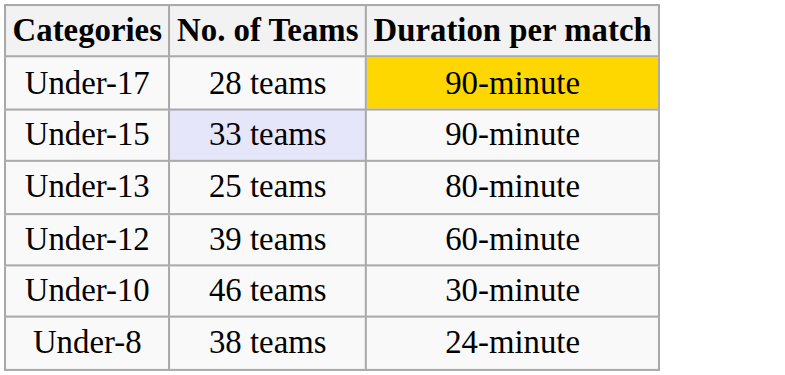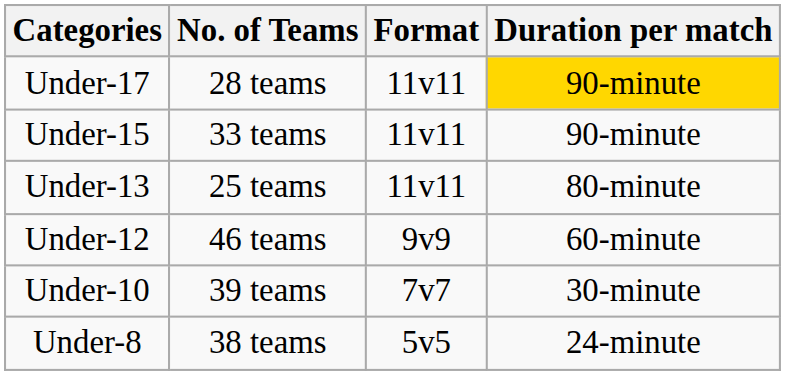 <table class="wikitable" style="text-align: center;">
 <tr>
 <th>Categories</th>
 <th>No. of Teams</th>
+<th>Format</th>
 <th>Duration per match</th>
 </tr>
 <tr>
 <td>Under-17</td>
 <td>28 teams</td>
+<td>11v11</td>
 <td style="background: gold;">90-minute</td>
 </tr>
 <tr>
 <td>Under-15</td>
-<td style="background: lavender;">33 teams</td>
+<td>33 teams</td>
+<td>11v11</td>
 <td>90-minute</td>
 </tr>
 <tr>
 <td>Under-13</td>
 <td>25 teams</td>
+<td>11v11</td>
 <td>80-minute</td>
 </tr>
 <tr>
 <td>Under-12</td>
-<td>39 teams</td>
+<td>46 teams</td>
+<td>9v9</td>
 <td>60-minute</td>
 </tr>
 <tr>
 <td>Under-10</td>
-<td>46 teams</td>
+<td>39 teams</td>
+<td>7v7</td>
 <td>30-minute</td>
 </tr>
 <tr>
 <td>Under-8</td>
 <td>38 teams</td>
+<td>5v5</td>
 <td>24-minute</td>
 </tr>
 </table>
